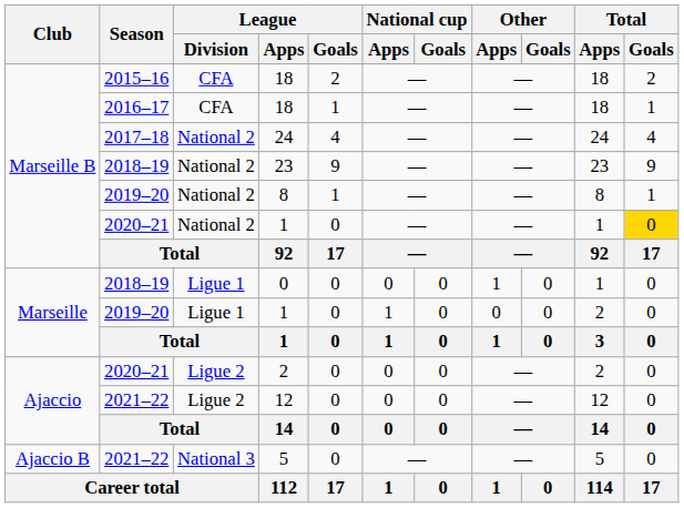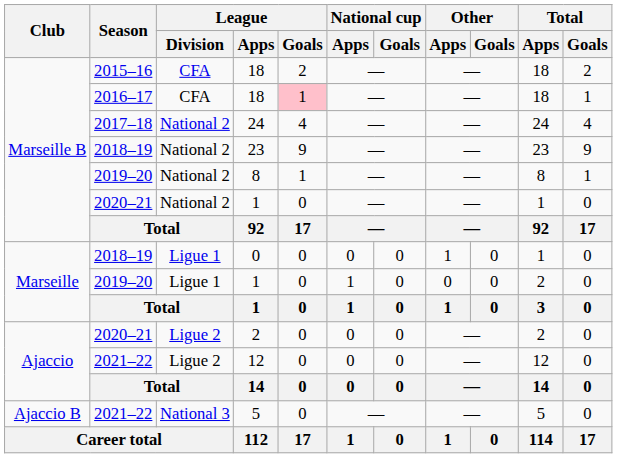 <table class="wikitable" style="text-align: center">
 <tr>
 <th rowspan="2">Club</th>
 <th rowspan="2">Season</th>
 <th colspan="3">League</th>
 <th colspan="2">National cup</th>
 <th colspan="2">Other</th>
 <th colspan="2">Total</th>
 </tr>
 <tr>
 <th>Division</th>
 <th>Apps</th>
 <th>Goals</th>
 <th>Apps</th>
 <th>Goals</th>
 <th>Apps</th>
 <th>Goals</th>
 <th>Apps</th>
 <th>Goals</th>
 </tr>
 <tr>
 <td rowspan="7"><a href='#'>Marseille B</a></td>
 <td><a href='#'>2015–16</a></td>
 <td><a href='#'>CFA</a></td>
 <td>18</td>
 <td>2</td>
 <td colspan="2">—</td>
 <td colspan="2">—</td>
 <td>18</td>
 <td>2</td>
 </tr>
 <tr>
 <td><a href='#'>2016–17</a></td>
 <td>CFA</td>
 <td>18</td>
-<td>1</td>
+<td style="background: pink;">1</td>
 <td colspan="2">—</td>
 <td colspan="2">—</td>
 <td>18</td>
 <td>1</td>
 </tr>
 <tr>
 <td><a href='#'>2017–18</a></td>
 <td><a href='#'>National 2</a></td>
 <td>24</td>
 <td>4</td>
 <td colspan="2">—</td>
 <td colspan="2">—</td>
 <td>24</td>
 <td>4</td>
 </tr>
 <tr>
 <td><a href='#'>2018–19</a></td>
 <td>National 2</td>
 <td>23</td>
 <td>9</td>
 <td colspan="2">—</td>
 <td colspan="2">—</td>
 <td>23</td>
 <td>9</td>
 </tr>
 <tr>
 <td><a href='#'>2019–20</a></td>
 <td>National 2</td>
 <td>8</td>
 <td>1</td>
 <td colspan="2">—</td>
 <td colspan="2">—</td>
 <td>8</td>
 <td>1</td>
 </tr>
 <tr>
 <td><a href='#'>2020–21</a></td>
 <td>National 2</td>
 <td>1</td>
 <td>0</td>
 <td colspan="2">—</td>
 <td colspan="2">—</td>
 <td>1</td>
-<td style="background: gold;">0</td>
+<td>0</td>
 </tr>
 <tr>
 <th colspan="2">Total</th>
 <th>92</th>
 <th>17</th>
 <th colspan="2">—</th>
 <th colspan="2">—</th>
 <th>92</th>
 <th>17</th>
 </tr>
 <tr>
 <td rowspan="3"><a href='#'>Marseille</a></td>
 <td><a href='#'>2018–19</a></td>
 <td><a href='#'>Ligue 1</a></td>
 <td>0</td>
 <td>0</td>
 <td>0</td>
 <td>0</td>
 <td>1</td>
 <td>0</td>
 <td>1</td>
 <td>0</td>
 </tr>
 <tr>
 <td><a href='#'>2019–20</a></td>
 <td>Ligue 1</td>
 <td>1</td>
 <td>0</td>
 <td>1</td>
 <td>0</td>
 <td>0</td>
 <td>0</td>
 <td>2</td>
 <td>0</td>
 </tr>
 <tr>
 <th colspan="2">Total</th>
 <th>1</th>
 <th>0</th>
 <th>1</th>
 <th>0</th>
 <th>1</th>
 <th>0</th>
 <th>3</th>
 <th>0</th>
 </tr>
 <tr>
 <td rowspan="3"><a href='#'>Ajaccio</a></td>
 <td><a href='#'>2020–21</a></td>
 <td><a href='#'>Ligue 2</a></td>
 <td>2</td>
 <td>0</td>
 <td>0</td>
 <td>0</td>
 <td colspan="2">—</td>
 <td>2</td>
 <td>0</td>
 </tr>
 <tr>
 <td><a href='#'>2021–22</a></td>
 <td>Ligue 2</td>
 <td>12</td>
 <td>0</td>
 <td>0</td>
 <td>0</td>
 <td colspan="2">—</td>
 <td>12</td>
 <td>0</td>
 </tr>
 <tr>
 <th colspan="2">Total</th>
 <th>14</th>
 <th>0</th>
 <th>0</th>
 <th>0</th>
 <th colspan="2">—</th>
 <th>14</th>
 <th>0</th>
 </tr>
 <tr>
 <td><a href='#'>Ajaccio B</a></td>
 <td><a href='#'>2021–22</a></td>
 <td><a href='#'>National 3</a></td>
 <td>5</td>
 <td>0</td>
 <td colspan="2">—</td>
 <td colspan="2">—</td>
 <td>5</td>
 <td>0</td>
 </tr>
 <tr>
 <th colspan="3">Career total</th>
 <th>112</th>
 <th>17</th>
 <th>1</th>
 <th>0</th>
 <th>1</th>
 <th>0</th>
 <th>114</th>
 <th>17</th>
 </tr>
 </table>
